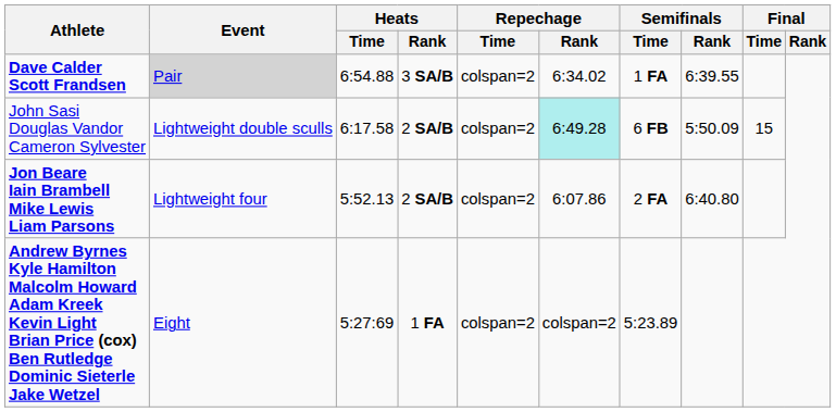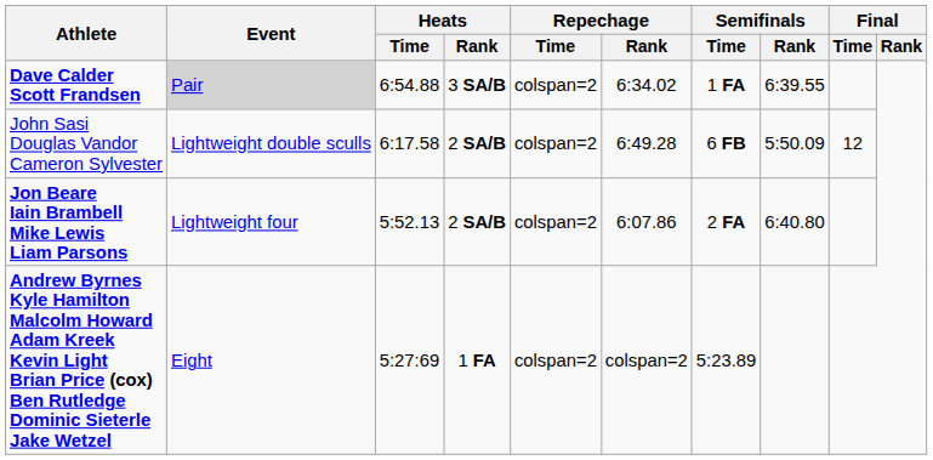 <table class="wikitable" style="font-size:90%">
 <tr>
 <th rowspan="2">Athlete</th>
 <th rowspan="2">Event</th>
 <th colspan="2">Heats</th>
 <th colspan="2">Repechage</th>
 <th colspan="2">Semifinals</th>
 <th colspan="2">Final</th>
 </tr>
 <tr style="font-size:95%">
 <th>Time</th>
 <th>Rank</th>
 <th>Time</th>
 <th>Rank</th>
 <th>Time</th>
 <th>Rank</th>
 <th>Time</th>
 <th>Rank</th>
 </tr>
 <tr align=center>
 <td align=left><strong><a href='#'>Dave Calder</a><br><a href='#'>Scott Frandsen</a></strong></td>
 <td align=left style="background: lightgrey;"><a href='#'>Pair</a></td>
 <td>6:54.88</td>
 <td>3 <strong>SA/B</strong></td>
 <td>colspan=2 </td>
 <td>6:34.02</td>
 <td>1 <strong>FA</strong></td>
 <td>6:39.55</td>
 <td></td>
 </tr>
 <tr align=center>
 <td align=left><a href='#'>John Sasi</a><br><a href='#'>Douglas Vandor</a><br><a href='#'>Cameron Sylvester</a></td>
 <td align=left><a href='#'>Lightweight double sculls</a></td>
 <td>6:17.58</td>
 <td>2 <strong>SA/B</strong></td>
 <td>colspan=2 </td>
-<td style="background: paleturquoise;">6:49.28</td>
+<td>6:49.28</td>
 <td>6 <strong>FB</strong></td>
 <td>5:50.09</td>
-<td>15</td>
+<td>12</td>
 </tr>
 <tr align=center>
 <td align=left><strong><a href='#'>Jon Beare</a><br><a href='#'>Iain Brambell</a><br><a href='#'>Mike Lewis</a><br><a href='#'>Liam Parsons</a></strong></td>
 <td align=left><a href='#'>Lightweight four</a></td>
 <td>5:52.13</td>
 <td>2 <strong>SA/B</strong></td>
 <td>colspan=2 </td>
 <td>6:07.86</td>
 <td>2 <strong>FA</strong></td>
 <td>6:40.80</td>
 <td></td>
 </tr>
 <tr align=center>
 <td align=left><strong><a href='#'>Andrew Byrnes</a><br><a href='#'>Kyle Hamilton</a><br><a href='#'>Malcolm Howard</a><br><a href='#'>Adam Kreek</a><br><a href='#'>Kevin Light</a><br><a href='#'>Brian Price</a> (cox)<br><a href='#'>Ben Rutledge</a><br><a href='#'>Dominic Sieterle</a><br><a href='#'>Jake Wetzel</a></strong></td>
 <td align=left><a href='#'>Eight</a></td>
 <td>5:27:69</td>
 <td>1 <strong>FA</strong></td>
 <td>colspan=2 </td>
 <td>colspan=2 </td>
 <td>5:23.89</td>
 <td></td>
 </tr>
 </table>
